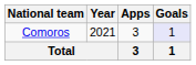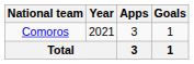 <table class="wikitable" style="text-align:center">
 <tr>
 <th>National team</th>
 <th>Year</th>
 <th>Apps</th>
 <th>Goals</th>
 </tr>
 <tr>
 <td rowspan="1"><a href='#'>Comoros</a></td>
 <td>2021</td>
 <td>3</td>
-<td style="background: lavender;">1</td>
+<td>1</td>
 </tr>
 <tr>
 <th colspan="2">Total</th>
 <th>3</th>
 <th>1</th>
 </tr>
 </table>
